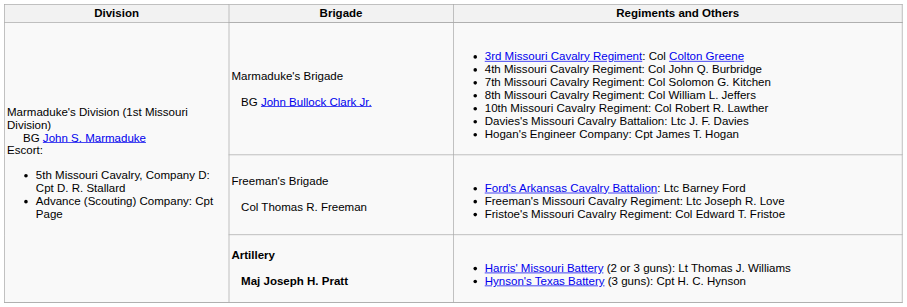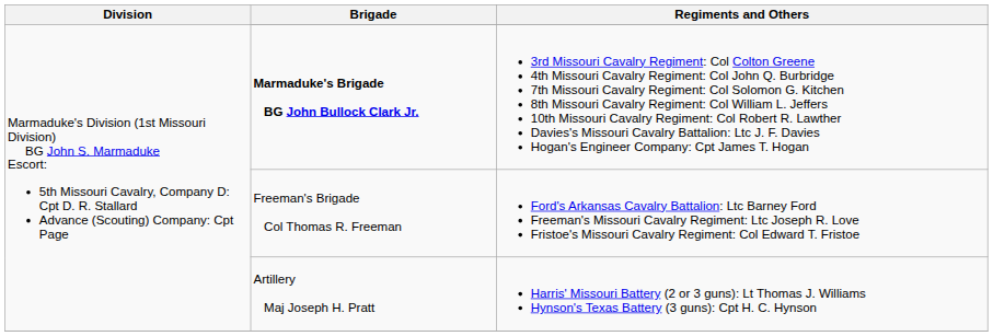 <table class="wikitable">
 <tr>
 <th width=25%>Division</th>
 <th width=25%>Brigade</th>
 <th>Regiments and Others</th>
 </tr>
 <tr>
 <td rowspan=4><br>Marmaduke's Division (1st Missouri Division) <br>     BG <a href='#'>John S. Marmaduke</a><br> Escort:<br><ul><li>5th Missouri Cavalry, Company D: Cpt D. R. Stallard</li><li>Advance (Scouting) Company: Cpt Page</li></ul></td>
 </tr>
 <tr>
-<td>Marmaduke's Brigade<br><br>   BG <a href='#'>John Bullock Clark Jr.</a></td>
+<td><strong>Marmaduke's Brigade<br><br>   BG <a href='#'>John Bullock Clark Jr.</a></strong></td>
 <td><br><ul><li><a href='#'>3rd Missouri Cavalry Regiment</a>: Col <a href='#'>Colton Greene</a></li><li>4th Missouri Cavalry Regiment: Col John Q. Burbridge</li><li>7th Missouri Cavalry Regiment: Col Solomon G. Kitchen</li><li>8th Missouri Cavalry Regiment: Col William L. Jeffers</li><li>10th Missouri Cavalry Regiment: Col Robert R. Lawther</li><li>Davies's Missouri Cavalry Battalion: Ltc J. F. Davies</li><li>Hogan's Engineer Company: Cpt James T. Hogan</li></ul></td>
 </tr>
 <tr>
 <td>Freeman's Brigade<br><br>   Col Thomas R. Freeman</td>
 <td><br><ul><li><a href='#'>Ford's Arkansas Cavalry Battalion</a>: Ltc Barney Ford</li><li>Freeman's Missouri Cavalry Regiment: Ltc Joseph R. Love</li><li>Fristoe's Missouri Cavalry Regiment: Col Edward T. Fristoe</li></ul></td>
 </tr>
 <tr>
-<td><strong>Artillery<br><br>   Maj Joseph H. Pratt</strong></td>
+<td>Artillery<br><br>   Maj Joseph H. Pratt</td>
 <td><br><ul><li><a href='#'>Harris' Missouri Battery</a> (2 or 3 guns): Lt Thomas J. Williams</li><li><a href='#'>Hynson's Texas Battery</a> (3 guns): Cpt H. C. Hynson</li></ul></td>
 </tr>
 <tr>
 </tr>
 </table>
